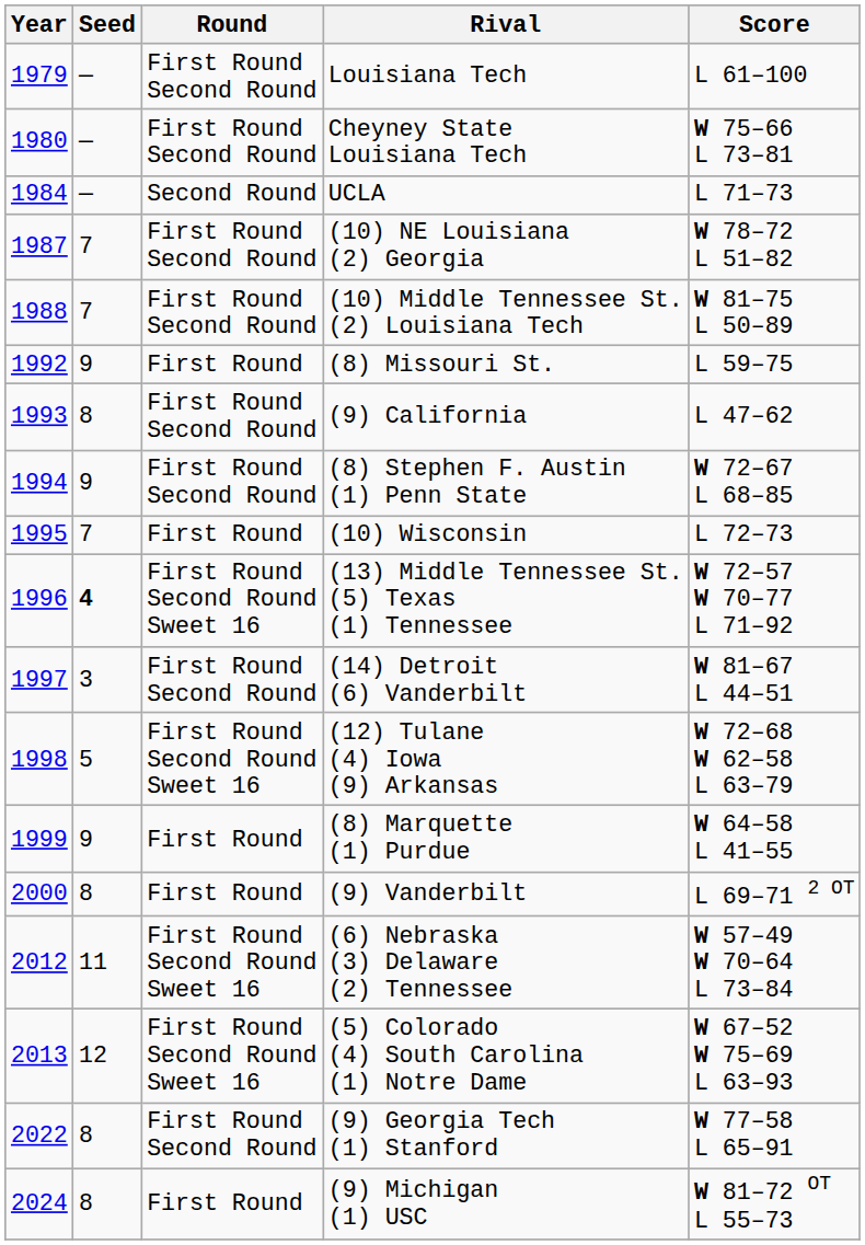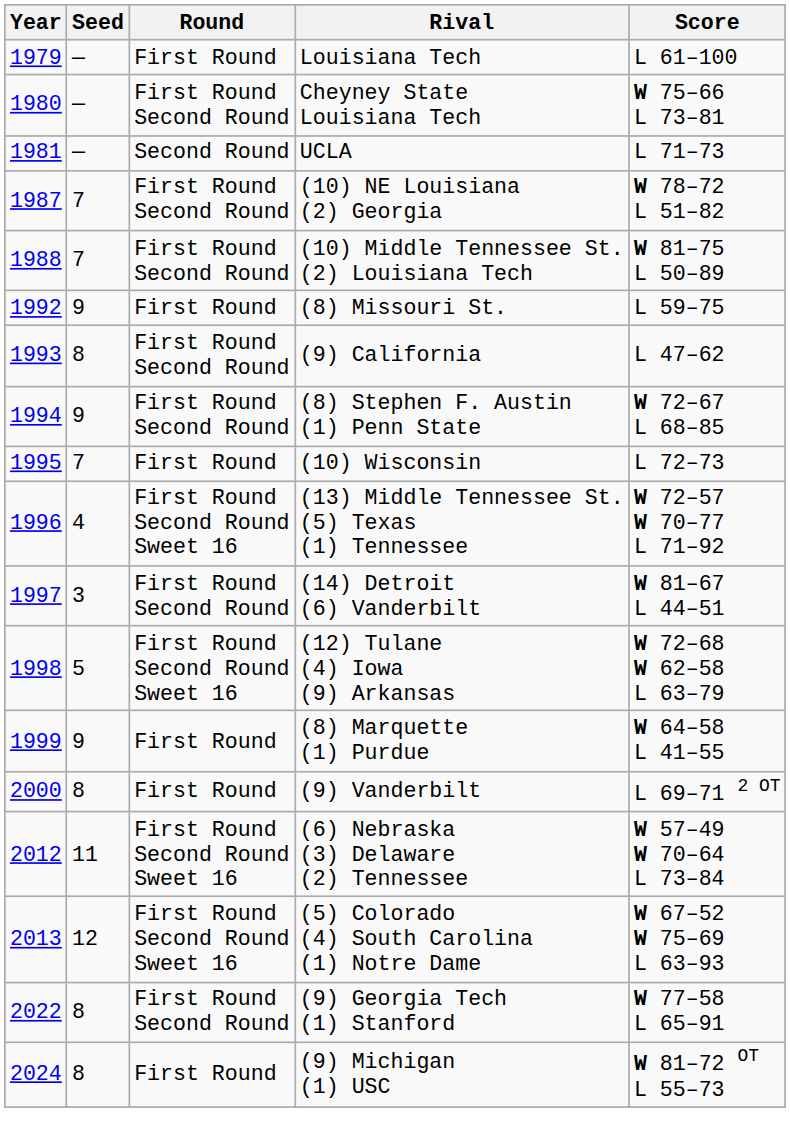 <table class="wikitable"; style= text-align:>
 <tr>
 <th width=px>Year</th>
 <th width=px>Seed</th>
 <th width=px>Round</th>
 <th width=px>Rival</th>
 <th width=px>Score</th>
 </tr>
 <tr>
 <td><a href='#'>1979</a></td>
 <td>—</td>
-<td>First Round<br>Second Round</td>
+<td>First Round</td>
 <td>Louisiana Tech</td>
 <td>L 61–100</td>
 </tr>
 <tr>
 <td><a href='#'>1980</a></td>
 <td>—</td>
 <td>First Round<br>Second Round</td>
 <td>Cheyney State<br>Louisiana Tech</td>
 <td><strong>W</strong> 75–66<br>L 73–81</td>
 </tr>
 <tr>
-<td><a href='#'>1984</a></td>
+<td><a href='#'>1981</a></td>
 <td>—</td>
 <td>Second Round</td>
 <td>UCLA</td>
 <td>L 71–73</td>
 </tr>
 <tr>
 <td><a href='#'>1987</a></td>
 <td>7</td>
 <td>First Round<br>Second Round</td>
 <td>(10) NE Louisiana<br>(2) Georgia</td>
 <td><strong>W</strong> 78–72<br>L 51–82</td>
 </tr>
 <tr>
 <td><a href='#'>1988</a></td>
 <td>7</td>
 <td>First Round<br>Second Round</td>
 <td>(10) Middle Tennessee St.<br>(2) Louisiana Tech</td>
 <td><strong>W</strong> 81–75<br>L 50–89</td>
 </tr>
 <tr>
 <td><a href='#'>1992</a></td>
 <td>9</td>
 <td>First Round</td>
 <td>(8) Missouri St.</td>
 <td>L 59–75</td>
 </tr>
 <tr>
 <td><a href='#'>1993</a></td>
 <td>8</td>
 <td>First Round<br>Second Round</td>
 <td>(9) California</td>
 <td>L 47–62</td>
 </tr>
 <tr>
 <td><a href='#'>1994</a></td>
 <td>9</td>
 <td>First Round<br>Second Round</td>
 <td>(8) Stephen F. Austin<br>(1) Penn State</td>
 <td><strong>W</strong> 72–67<br>L 68–85</td>
 </tr>
 <tr>
 <td><a href='#'>1995</a></td>
 <td>7</td>
 <td>First Round</td>
 <td>(10) Wisconsin</td>
 <td>L 72–73</td>
 </tr>
 <tr>
 <td><a href='#'>1996</a></td>
-<td><strong>4</strong></td>
+<td>4</td>
 <td>First Round<br>Second Round<br>Sweet 16</td>
 <td>(13) Middle Tennessee St.<br>(5) Texas<br>(1) Tennessee</td>
 <td><strong>W</strong> 72–57<br><strong>W</strong> 70–77<br>L 71–92</td>
 </tr>
 <tr>
 <td><a href='#'>1997</a></td>
 <td>3</td>
 <td>First Round<br>Second Round</td>
 <td>(14) Detroit<br>(6) Vanderbilt</td>
 <td><strong>W</strong> 81–67<br> L 44–51</td>
 </tr>
 <tr>
 <td><a href='#'>1998</a></td>
 <td>5</td>
 <td>First Round<br>Second Round<br>Sweet 16</td>
 <td>(12) Tulane<br>(4) Iowa<br>(9) Arkansas</td>
 <td><strong>W</strong>  72–68<br><strong>W</strong> 62–58<br>L 63–79</td>
 </tr>
 <tr>
 <td><a href='#'>1999</a></td>
 <td>9</td>
 <td>First Round</td>
 <td>(8) Marquette<br>(1) Purdue</td>
 <td><strong>W</strong> 64–58<br>L 41–55</td>
 </tr>
 <tr>
 <td><a href='#'>2000</a></td>
 <td>8</td>
 <td>First Round</td>
 <td>(9) Vanderbilt</td>
 <td>L 69–71 <sup>2 OT</sup></td>
 </tr>
 <tr>
 <td><a href='#'>2012</a></td>
 <td>11</td>
 <td>First Round<br>Second Round<br>Sweet 16</td>
 <td>(6) Nebraska<br>(3) Delaware<br>(2) Tennessee</td>
 <td><strong>W</strong> 57–49<br><strong>W</strong> 70–64<br>L 73–84</td>
 </tr>
 <tr>
 <td><a href='#'>2013</a></td>
 <td>12</td>
 <td>First Round<br>Second Round<br>Sweet 16</td>
 <td>(5) Colorado<br>(4) South Carolina<br> (1) Notre Dame</td>
 <td><strong>W</strong> 67–52<br><strong>W</strong> 75–69<br>L 63–93</td>
 </tr>
 <tr>
 <td><a href='#'>2022</a></td>
 <td>8</td>
 <td>First Round<br>Second Round</td>
 <td>(9) Georgia Tech<br>(1) Stanford</td>
 <td><strong>W</strong> 77–58<br>L 65–91</td>
 </tr>
 <tr>
 <td><a href='#'>2024</a></td>
 <td>8</td>
 <td>First Round</td>
 <td>(9) Michigan<br>(1) USC</td>
 <td><strong>W</strong> 81–72 <sup>OT</sup> <br>L 55–73</td>
 </tr>
 </table>
